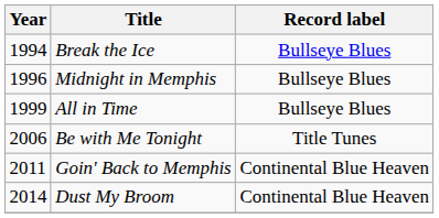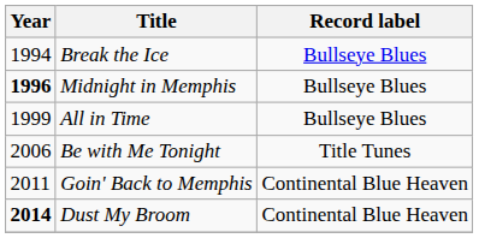 <table class="wikitable sortable">
 <tr>
 <th>Year</th>
 <th>Title</th>
 <th>Record label</th>
 </tr>
 <tr>
 <td>1994</td>
 <td><em>Break the Ice</em></td>
 <td align="center"><a href='#'>Bullseye Blues</a></td>
 </tr>
 <tr>
-<td>1996</td>
+<td><strong>1996</strong></td>
 <td><em>Midnight in Memphis</em></td>
 <td align="center">Bullseye Blues</td>
 </tr>
 <tr>
 <td>1999</td>
 <td><em>All in Time</em></td>
 <td align="center">Bullseye Blues</td>
 </tr>
 <tr>
 <td>2006</td>
 <td><em>Be with Me Tonight</em></td>
 <td align="center">Title Tunes</td>
 </tr>
 <tr>
 <td>2011</td>
 <td><em>Goin' Back to Memphis</em></td>
 <td align="center">Continental Blue Heaven</td>
 </tr>
 <tr>
-<td>2014</td>
+<td><strong>2014</strong></td>
 <td><em>Dust My Broom</em></td>
 <td align="center">Continental Blue Heaven</td>
 </tr>
 <tr>
 </tr>
 </table>
